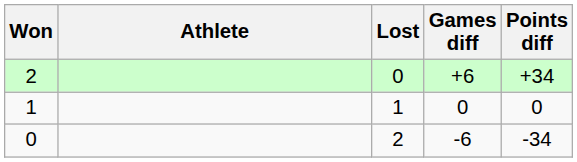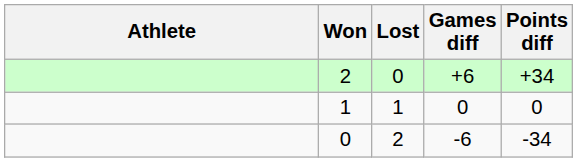 <table class="wikitable">
 <tr>
+<th style="width:15em">Athlete</th>
 <th>Won</th>
-<th style="width:15em">Athlete</th>
 <th>Lost</th>
 <th>Games<br>diff</th>
 <th>Points<br>diff</th>
 </tr>
 <tr bgcolor="#ccffcc">
+<td></td>
 <td align="center">2</td>
-<td></td>
 <td align="center">0</td>
 <td align="center">+6</td>
 <td align="center">+34</td>
 </tr>
 <tr>
+<td></td>
 <td align="center">1</td>
-<td></td>
 <td align="center">1</td>
 <td align="center">0</td>
 <td align="center">0</td>
 </tr>
 <tr>
+<td></td>
 <td align="center">0</td>
-<td></td>
 <td align="center">2</td>
 <td align="center">-6</td>
 <td align="center">-34</td>
 </tr>
 </table>
